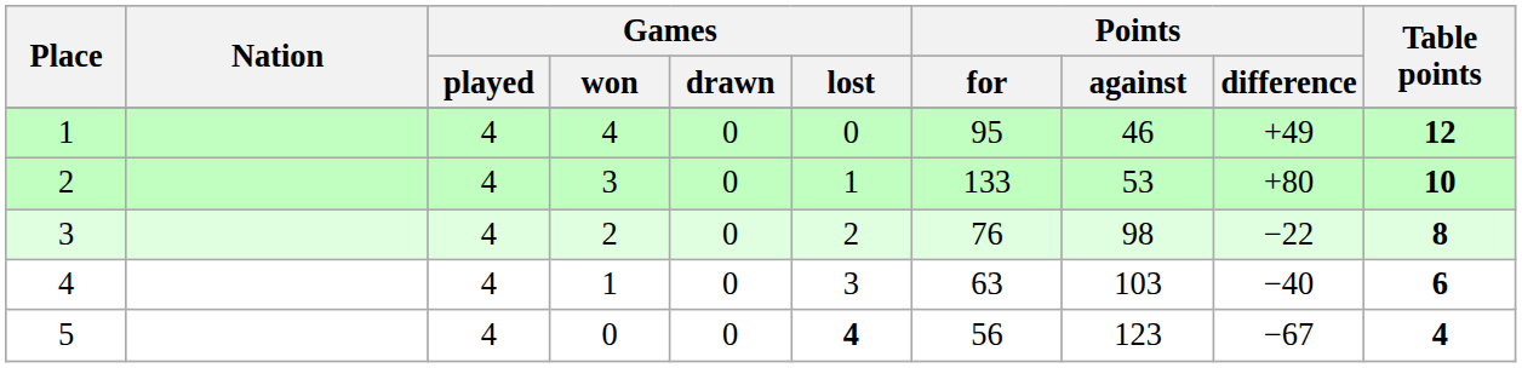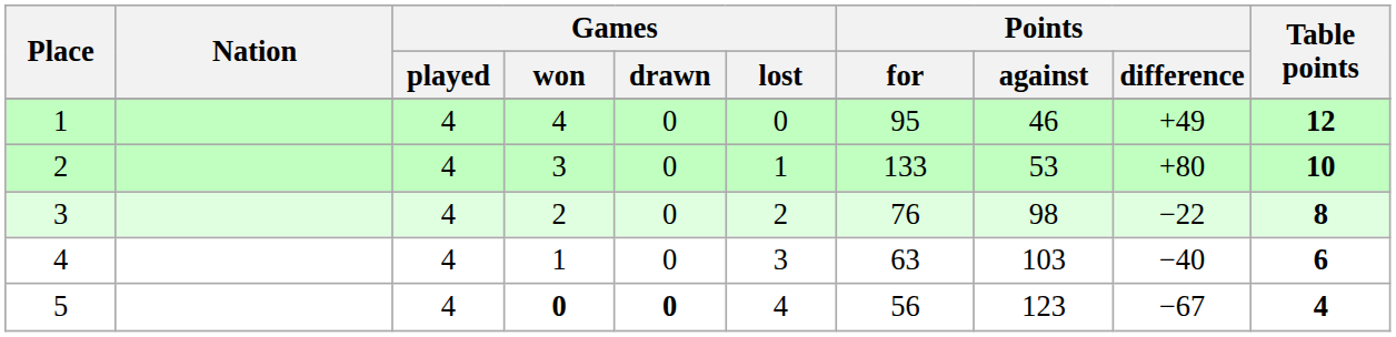 <table class="wikitable">
 <tr>
 <th rowspan=2 width="8%">Place</th>
 <th rowspan=2 width="20%">Nation</th>
 <th colspan=4 width="32%">Games</th>
 <th colspan=3 width="30%">Points</th>
 <th rowspan=2 width="10%">Table<br>points</th>
 </tr>
 <tr>
 <th width="8%">played</th>
 <th width="8%">won</th>
 <th width="8%">drawn</th>
 <th width="8%">lost</th>
 <th width="10%">for</th>
 <th width="10%">against</th>
 <th width="10%">difference</th>
 </tr>
 <tr>
 </tr>
 <tr bgcolor=#C0FFC0 align=center>
 <td>1</td>
 <td align=left></td>
 <td>4</td>
 <td>4</td>
 <td>0</td>
 <td>0</td>
 <td>95</td>
 <td>46</td>
 <td>+49</td>
 <td><strong>12</strong></td>
 </tr>
 <tr bgcolor=#C0FFC0 align=center>
 <td>2</td>
 <td align=left></td>
 <td>4</td>
 <td>3</td>
 <td>0</td>
 <td>1</td>
 <td>133</td>
 <td>53</td>
 <td>+80</td>
 <td><strong>10</strong></td>
 </tr>
 <tr bgcolor=#E0FFE0 align=center>
 <td>3</td>
 <td align=left></td>
 <td>4</td>
 <td>2</td>
 <td>0</td>
 <td>2</td>
 <td>76</td>
 <td>98</td>
 <td>−22</td>
 <td><strong>8</strong></td>
 </tr>
 <tr bgcolor=#ffffff align=center>
 <td>4</td>
 <td align=left></td>
 <td>4</td>
 <td>1</td>
 <td>0</td>
 <td>3</td>
 <td>63</td>
 <td>103</td>
 <td>−40</td>
 <td><strong>6</strong></td>
 </tr>
 <tr bgcolor=#ffffff align=center>
 <td>5</td>
 <td align=left></td>
 <td>4</td>
-<td>0</td>
-<td>0</td>
-<td><strong>4</strong></td>
+<td><strong>0</strong></td>
+<td><strong>0</strong></td>
+<td>4</td>
 <td>56</td>
 <td>123</td>
 <td>−67</td>
 <td><strong>4</strong></td>
 </tr>
 </table>
